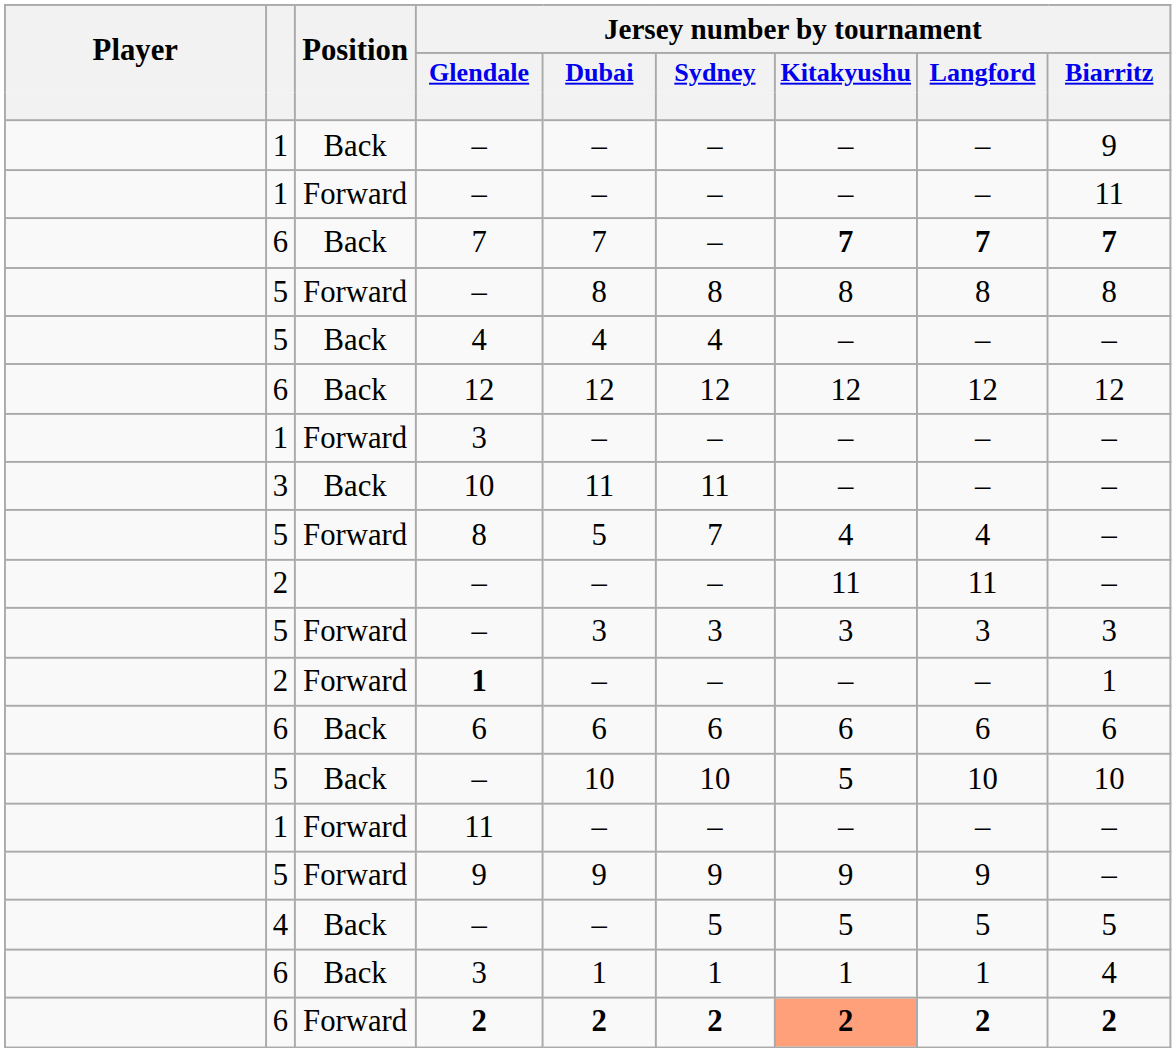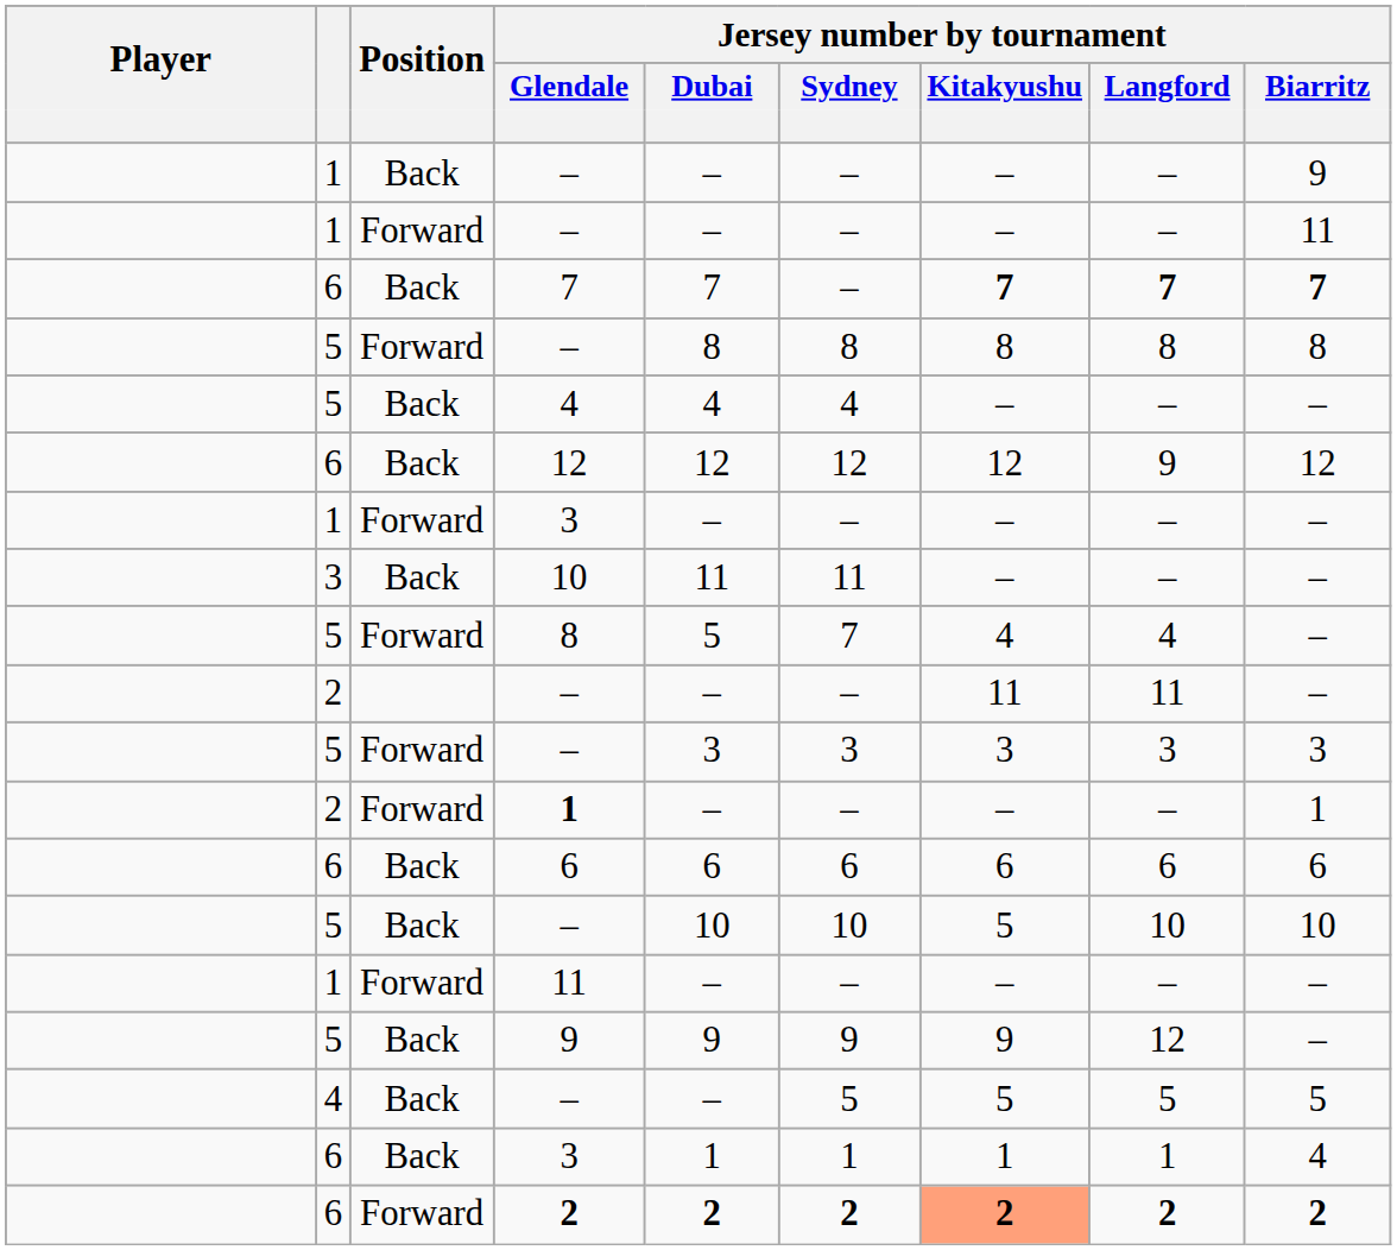 <table class="wikitable sortable" style="text-align:center;">
 <tr>
 <th rowspan=2 style="border-bottom:0px; width:13em;">Player</th>
 <th rowspan=2 style="border-bottom:0px;"></th>
 <th rowspan=2 style="border-bottom:0px;">Position</th>
 <th colspan=6 style="font-size:95%;">Jersey number by tournament</th>
 </tr>
 <tr>
 <th style="vertical-align:top; width:5.2em; border-bottom:0; padding:2px; font-size:85%;"><a href='#'>Glendale</a></th>
 <th style="vertical-align:top; width:5.2em; border-bottom:0; padding:2px; font-size:85%;"><a href='#'>Dubai</a></th>
 <th style="vertical-align:top; width:5.2em; border-bottom:0; padding:2px; font-size:85%;"><a href='#'>Sydney</a></th>
 <th style="vertical-align:top; width:5.2em; border-bottom:0; padding:2px; font-size:85%;"><a href='#'>Kitakyushu</a></th>
 <th style="vertical-align:top; width:5.2em; border-bottom:0; padding:2px; font-size:85%;"><a href='#'>Langford</a></th>
 <th style="vertical-align:top; width:5.2em; border-bottom:0; padding:2px; font-size:85%;"><a href='#'>Biarritz</a></th>
 </tr>
 <tr style="line-height:8px;">
 <th style="border-top:0;"> </th>
 <th style="border-top:0;"></th>
 <th style="border-top:0;"></th>
 <th data-sort-type="number" style="border-top:0;"></th>
 <th data-sort-type="number" style="border-top:0;"></th>
 <th data-sort-type="number" style="border-top:0;"></th>
 <th data-sort-type="number" style="border-top:0;"></th>
 <th data-sort-type="number" style="border-top:0;"></th>
 <th data-sort-type="number" style="border-top:0;"></th>
 </tr>
 <tr>
 <td align=left></td>
 <td>1</td>
 <td>Back</td>
 <td>–</td>
 <td>–</td>
 <td>–</td>
 <td>–</td>
 <td>–</td>
 <td>9</td>
 </tr>
 <tr>
 <td align=left></td>
 <td>1</td>
 <td>Forward</td>
 <td>–</td>
 <td>–</td>
 <td>–</td>
 <td>–</td>
 <td>–</td>
 <td>11</td>
 </tr>
 <tr>
 <td align=left></td>
 <td>6</td>
 <td>Back</td>
 <td>7</td>
 <td>7</td>
 <td>–</td>
 <td><strong>7</strong></td>
 <td><strong>7</strong></td>
 <td><strong>7</strong></td>
 </tr>
 <tr>
 <td align=left></td>
 <td>5</td>
 <td>Forward</td>
 <td>–</td>
 <td>8</td>
 <td>8</td>
 <td>8</td>
 <td>8</td>
 <td>8</td>
 </tr>
 <tr>
 <td align=left></td>
 <td>5</td>
 <td>Back</td>
 <td>4</td>
 <td>4</td>
 <td>4</td>
 <td>–</td>
 <td>–</td>
 <td>–</td>
 </tr>
 <tr>
 <td align=left></td>
 <td>6</td>
 <td>Back</td>
 <td>12</td>
 <td>12</td>
 <td>12</td>
 <td>12</td>
-<td>12</td>
+<td>9</td>
 <td>12</td>
 </tr>
 <tr>
 <td align=left></td>
 <td>1</td>
 <td>Forward</td>
 <td>3</td>
 <td>–</td>
 <td>–</td>
 <td>–</td>
 <td>–</td>
 <td>–</td>
 </tr>
 <tr>
 <td align=left></td>
 <td>3</td>
 <td>Back</td>
 <td>10</td>
 <td>11</td>
 <td>11</td>
 <td>–</td>
 <td>–</td>
 <td>–</td>
 </tr>
 <tr>
 <td align=left></td>
 <td>5</td>
 <td>Forward</td>
 <td>8</td>
 <td>5</td>
 <td>7</td>
 <td>4</td>
 <td>4</td>
 <td>–</td>
 </tr>
 <tr>
 <td align=left></td>
 <td>2</td>
 <td></td>
 <td>–</td>
 <td>–</td>
 <td>–</td>
 <td>11</td>
 <td>11</td>
 <td>–</td>
 </tr>
 <tr>
 <td align=left></td>
 <td>5</td>
 <td>Forward</td>
 <td>–</td>
 <td>3</td>
 <td>3</td>
 <td>3</td>
 <td>3</td>
 <td>3</td>
 </tr>
 <tr>
 <td align=left></td>
 <td>2</td>
 <td>Forward</td>
 <td><strong>1</strong></td>
 <td>–</td>
 <td>–</td>
 <td>–</td>
 <td>–</td>
 <td>1</td>
 </tr>
 <tr>
 <td align=left></td>
 <td>6</td>
 <td>Back</td>
 <td>6</td>
 <td>6</td>
 <td>6</td>
 <td>6</td>
 <td>6</td>
 <td>6</td>
 </tr>
 <tr>
 <td align=left></td>
 <td>5</td>
 <td>Back</td>
 <td>–</td>
 <td>10</td>
 <td>10</td>
 <td>5</td>
 <td>10</td>
 <td>10</td>
 </tr>
 <tr>
 <td align=left></td>
 <td>1</td>
 <td>Forward</td>
 <td>11</td>
 <td>–</td>
 <td>–</td>
 <td>–</td>
 <td>–</td>
 <td>–</td>
 </tr>
 <tr>
 <td align=left></td>
 <td>5</td>
-<td>Forward</td>
+<td>Back</td>
 <td>9</td>
 <td>9</td>
 <td>9</td>
 <td>9</td>
-<td>9</td>
+<td>12</td>
 <td>–</td>
 </tr>
 <tr>
 <td align=left></td>
 <td>4</td>
 <td>Back</td>
 <td>–</td>
 <td>–</td>
 <td>5</td>
 <td>5</td>
 <td>5</td>
 <td>5</td>
 </tr>
 <tr>
 <td align=left></td>
 <td>6</td>
 <td>Back</td>
 <td>3</td>
 <td>1</td>
 <td>1</td>
 <td>1</td>
 <td>1</td>
 <td>4</td>
 </tr>
 <tr>
 <td align=left></td>
 <td>6</td>
 <td>Forward</td>
 <td><strong>2</strong></td>
 <td><strong>2</strong></td>
 <td><strong>2</strong></td>
 <td style="background: lightsalmon;"><strong>2</strong></td>
 <td><strong>2</strong></td>
 <td><strong>2</strong></td>
 </tr>
 </table>
